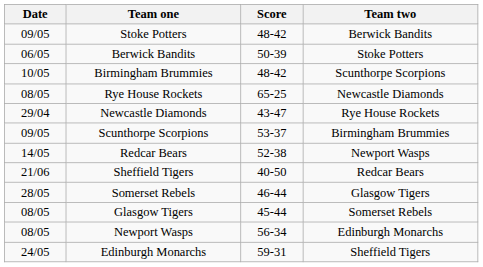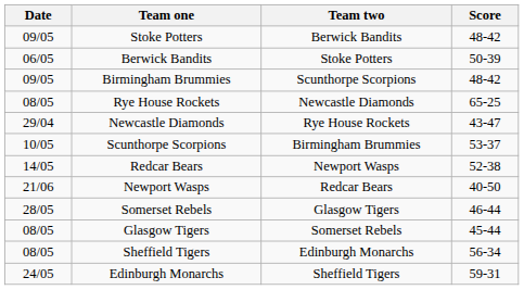 <table class="wikitable" style="text-align: center">
 <tr>
 <th width=80>Date</th>
 <th width=250>Team one</th>
+<th width=250>Team two</th>
 <th width=80>Score</th>
-<th width=250>Team two</th>
 </tr>
 <tr>
 <td>09/05</td>
 <td>Stoke Potters</td>
+<td>Berwick Bandits</td>
 <td>48-42</td>
-<td>Berwick Bandits</td>
 </tr>
 <tr>
 <td>06/05</td>
 <td>Berwick Bandits</td>
+<td>Stoke Potters</td>
 <td>50-39</td>
-<td>Stoke Potters</td>
 </tr>
 <tr>
-<td>10/05</td>
+<td>09/05</td>
 <td>Birmingham Brummies</td>
+<td>Scunthorpe Scorpions</td>
 <td>48-42</td>
-<td>Scunthorpe Scorpions</td>
 </tr>
 <tr>
 <td>08/05</td>
 <td>Rye House Rockets</td>
+<td>Newcastle Diamonds</td>
 <td>65-25</td>
-<td>Newcastle Diamonds</td>
 </tr>
 <tr>
 <td>29/04</td>
 <td>Newcastle Diamonds</td>
+<td>Rye House Rockets</td>
 <td>43-47</td>
-<td>Rye House Rockets</td>
 </tr>
 <tr>
-<td>09/05</td>
+<td>10/05</td>
 <td>Scunthorpe Scorpions</td>
+<td>Birmingham Brummies</td>
 <td>53-37</td>
-<td>Birmingham Brummies</td>
 </tr>
 <tr>
 <td>14/05</td>
 <td>Redcar Bears</td>
+<td>Newport Wasps</td>
 <td>52-38</td>
-<td>Newport Wasps</td>
 </tr>
 <tr>
 <td>21/06</td>
-<td>Sheffield Tigers</td>
+<td>Newport Wasps</td>
+<td>Redcar Bears</td>
 <td>40-50</td>
-<td>Redcar Bears</td>
 </tr>
 <tr>
 <td>28/05</td>
 <td>Somerset Rebels</td>
+<td>Glasgow Tigers</td>
 <td>46-44</td>
-<td>Glasgow Tigers</td>
 </tr>
 <tr>
 <td>08/05</td>
 <td>Glasgow Tigers</td>
+<td>Somerset Rebels</td>
 <td>45-44</td>
-<td>Somerset Rebels</td>
 </tr>
 <tr>
 <td>08/05</td>
-<td>Newport Wasps</td>
+<td>Sheffield Tigers</td>
+<td>Edinburgh Monarchs</td>
 <td>56-34</td>
-<td>Edinburgh Monarchs</td>
 </tr>
 <tr>
 <td>24/05</td>
 <td>Edinburgh Monarchs</td>
+<td>Sheffield Tigers</td>
 <td>59-31</td>
-<td>Sheffield Tigers</td>
 </tr>
 </table>
